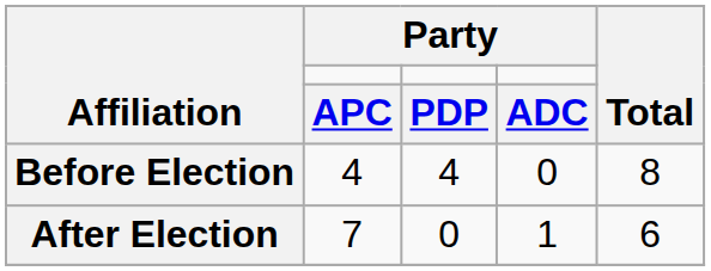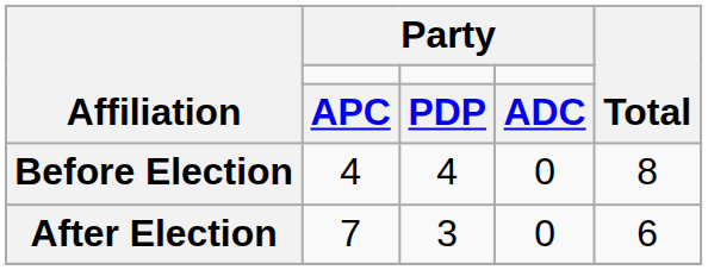 <table class=wikitable style="text-align:center">
 <tr style="vertical-align:bottom;">
 <th rowspan=3>Affiliation</th>
 <th colspan="3">Party</th>
 <th rowspan=3>Total</th>
 </tr>
 <tr>
 <td style="background-color:"></td>
 <td style="background-color:"></td>
 <td style="background-color:"></td>
 </tr>
 <tr>
 <th><a href='#'>APC</a></th>
 <th><a href='#'>PDP</a></th>
 <th><a href='#'>ADC</a></th>
 </tr>
 <tr>
 <th>Before Election</th>
 <td>4</td>
 <td>4</td>
 <td>0</td>
 <td>8</td>
 </tr>
 <tr>
 <th>After Election</th>
 <td>7</td>
+<td>3</td>
 <td>0</td>
-<td>1</td>
 <td>6</td>
 </tr>
 <tr>
 </tr>
 </table>
